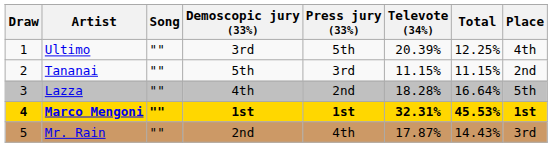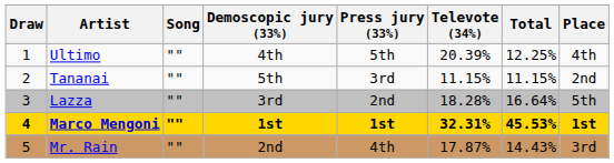 <table class="sortable wikitable" style="margin: 1em auto 1em auto;">
 <tr>
 </tr>
 <tr>
 <th>Draw</th>
 <th>Artist</th>
 <th>Song</th>
 <th>Demoscopic jury<br><small>(33%)</small></th>
 <th>Press jury<br><small>(33%)</small></th>
 <th>Televote<br><small>(34%)</small></th>
 <th>Total</th>
 <th>Place</th>
 </tr>
 <tr>
 <td align="center">1</td>
 <td><a href='#'>Ultimo</a></td>
 <td>""</td>
-<td align="center">3rd</td>
+<td align="center">4th</td>
 <td align="center">5th</td>
 <td align="center">20.39%</td>
 <td align="center">12.25%</td>
 <td align="center">4th</td>
 </tr>
 <tr>
 <td align="center">2</td>
 <td><a href='#'>Tananai</a></td>
 <td>""</td>
 <td align="center">5th</td>
 <td align="center">3rd</td>
 <td align="center">11.15%</td>
 <td align="center">11.15%</td>
 <td align="center">2nd</td>
 </tr>
 <tr bgcolor="silver">
 <td align="center">3</td>
 <td><a href='#'>Lazza</a></td>
 <td>""</td>
-<td align="center">4th</td>
+<td align="center">3rd</td>
 <td align="center">2nd</td>
 <td align="center">18.28%</td>
 <td align="center">16.64%</td>
 <td align="center">5th</td>
 </tr>
 <tr bgcolor="gold">
 <td align="center"><strong>4</strong></td>
 <td><strong><a href='#'>Marco Mengoni</a></strong></td>
 <td><strong>""</strong></td>
 <td align="center"><strong>1st</strong></td>
 <td align="center"><strong>1st</strong></td>
 <td align="center"><strong>32.31%</strong></td>
 <td align="center"><strong>45.53%</strong></td>
 <td align="center"><strong>1st</strong></td>
 </tr>
 <tr bgcolor="#cc9966">
 <td align="center">5</td>
 <td><a href='#'>Mr. Rain</a></td>
 <td>""</td>
 <td align="center">2nd</td>
 <td align="center">4th</td>
 <td align="center">17.87%</td>
 <td align="center">14.43%</td>
 <td align="center">3rd</td>
 </tr>
 </table>
